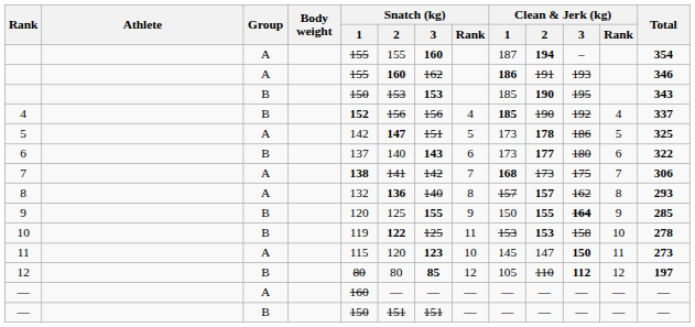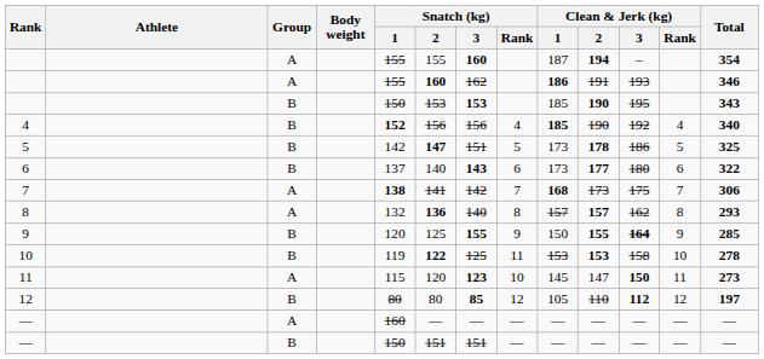 <table class = "wikitable" style="text-align:center;">
 <tr>
 <th rowspan=2 width=40>Rank</th>
 <th rowspan=2 width=250>Athlete</th>
 <th rowspan=2 width=50>Group</th>
 <th rowspan=2 width=60>Body weight</th>
 <th colspan=4>Snatch (kg)</th>
 <th colspan=4>Clean & Jerk (kg)</th>
 <th rowspan=2 width=60>Total</th>
 </tr>
 <tr>
 <th width=40>1</th>
 <th width=40>2</th>
 <th width=40>3</th>
 <th width=40>Rank</th>
 <th width=40>1</th>
 <th width=40>2</th>
 <th width=40>3</th>
 <th width=40>Rank</th>
 </tr>
 <tr>
 <td></td>
 <td align=left></td>
 <td>A</td>
 <td></td>
 <td><s>155</s></td>
 <td>155</td>
 <td><strong>160</strong></td>
 <td></td>
 <td>187</td>
 <td><strong>194</strong></td>
 <td>–</td>
 <td></td>
 <td><strong>354</strong></td>
 </tr>
 <tr>
 <td></td>
 <td align=left></td>
 <td>A</td>
 <td></td>
 <td><s>155</s></td>
 <td><strong>160</strong></td>
 <td><s>162</s></td>
 <td></td>
 <td><strong>186</strong></td>
 <td><s>191</s></td>
 <td><s>193</s></td>
 <td></td>
 <td><strong>346</strong></td>
 </tr>
 <tr>
 <td></td>
 <td align=left></td>
 <td>B</td>
 <td></td>
 <td><s>150</s></td>
 <td><s>153</s></td>
 <td><strong>153</strong></td>
 <td></td>
 <td>185</td>
 <td><strong>190</strong></td>
 <td><s>195</s></td>
 <td></td>
 <td><strong>343</strong></td>
 </tr>
 <tr>
 <td>4</td>
 <td align=left></td>
 <td>B</td>
 <td></td>
 <td><strong>152</strong></td>
 <td><s>156</s></td>
 <td><s>156</s></td>
 <td>4</td>
 <td><strong>185</strong></td>
 <td><s>190</s></td>
 <td><s>192</s></td>
 <td>4</td>
-<td><strong>337</strong></td>
+<td><strong>340</strong></td>
 </tr>
 <tr>
 <td>5</td>
 <td align=left></td>
-<td>A</td>
+<td>B</td>
 <td></td>
 <td>142</td>
 <td><strong>147</strong></td>
 <td><s>151</s></td>
 <td>5</td>
 <td>173</td>
 <td><strong>178</strong></td>
 <td><s>186</s></td>
 <td>5</td>
 <td><strong>325</strong></td>
 </tr>
 <tr>
 <td>6</td>
 <td align=left></td>
 <td>B</td>
 <td></td>
 <td>137</td>
 <td>140</td>
 <td><strong>143</strong></td>
 <td>6</td>
 <td>173</td>
 <td><strong>177</strong></td>
 <td><s>180</s></td>
 <td>6</td>
 <td><strong>322</strong></td>
 </tr>
 <tr>
 <td>7</td>
 <td align=left></td>
 <td>A</td>
 <td></td>
 <td><strong>138</strong></td>
 <td><s>141</s></td>
 <td><s>142</s></td>
 <td>7</td>
 <td><strong>168</strong></td>
 <td><s>173</s></td>
 <td><s>175</s></td>
 <td>7</td>
 <td><strong>306</strong></td>
 </tr>
 <tr>
 <td>8</td>
 <td align=left></td>
 <td>A</td>
 <td></td>
 <td>132</td>
 <td><strong>136</strong></td>
 <td><s>140</s></td>
 <td>8</td>
 <td><s>157</s></td>
 <td><strong>157</strong></td>
 <td><s>162</s></td>
 <td>8</td>
 <td><strong>293</strong></td>
 </tr>
 <tr>
 <td>9</td>
 <td align=left></td>
 <td>B</td>
 <td></td>
 <td>120</td>
 <td>125</td>
 <td><strong>155</strong></td>
 <td>9</td>
 <td>150</td>
 <td><strong>155</strong></td>
 <td><strong><s>164</s></strong></td>
 <td>9</td>
 <td><strong>285</strong></td>
 </tr>
 <tr>
 <td>10</td>
 <td align=left></td>
 <td>B</td>
 <td></td>
 <td>119</td>
 <td><strong>122</strong></td>
 <td><s>125</s></td>
 <td>11</td>
 <td><s>153</s></td>
 <td><strong>153</strong></td>
 <td><s>158</s></td>
 <td>10</td>
 <td><strong>278</strong></td>
 </tr>
 <tr>
 <td>11</td>
 <td align=left></td>
 <td>A</td>
 <td></td>
 <td>115</td>
 <td>120</td>
 <td><strong>123</strong></td>
 <td>10</td>
 <td>145</td>
 <td>147</td>
 <td><strong>150</strong></td>
 <td>11</td>
 <td><strong>273</strong></td>
 </tr>
 <tr>
 <td>12</td>
 <td align=left></td>
 <td>B</td>
 <td></td>
 <td><s>80</s></td>
 <td>80</td>
 <td><strong>85</strong></td>
 <td>12</td>
 <td>105</td>
 <td><s>110</s></td>
 <td><strong>112</strong></td>
 <td>12</td>
 <td><strong>197</strong></td>
 </tr>
 <tr>
 <td>—</td>
 <td align=left></td>
 <td>A</td>
 <td></td>
 <td><s>160</s></td>
 <td>—</td>
 <td>—</td>
 <td>—</td>
 <td>—</td>
 <td>—</td>
 <td>—</td>
 <td>—</td>
 <td>—</td>
 </tr>
 <tr>
 <td>—</td>
 <td align=left></td>
 <td>B</td>
 <td></td>
 <td><s>150</s></td>
 <td><s>151</s></td>
 <td><s>151</s></td>
 <td>—</td>
 <td>—</td>
 <td>—</td>
 <td>—</td>
 <td>—</td>
 <td>—</td>
 </tr>
 </table>
